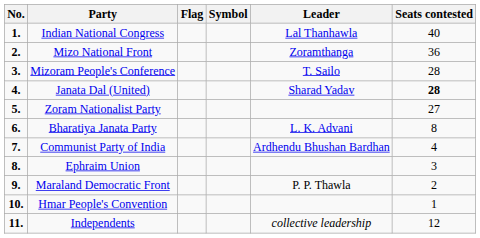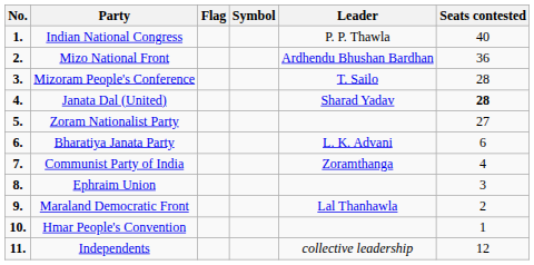 <table class="wikitable">
 <tr>
 <th>No.</th>
 <th>Party</th>
 <th>Flag</th>
 <th>Symbol</th>
 <th>Leader</th>
 <th>Seats contested</th>
 </tr>
 <tr>
 <td ! style="text-align:center; background:"><strong>1.</strong></td>
 <td style="text-align:center"><a href='#'>Indian National Congress</a></td>
 <td></td>
 <td></td>
-<td style="text-align:center"><a href='#'>Lal Thanhawla</a></td>
+<td style="text-align:center">P. P. Thawla</td>
 <td style="text-align:center">40</td>
 </tr>
 <tr>
 <td ! style="text-align:center; background:"><strong>2.</strong></td>
 <td style="text-align:center"><a href='#'>Mizo National Front</a></td>
 <td></td>
 <td></td>
-<td style="text-align:center"><a href='#'>Zoramthanga</a></td>
+<td style="text-align:center"><a href='#'>Ardhendu Bhushan Bardhan</a></td>
 <td style="text-align:center">36</td>
 </tr>
 <tr>
 <td ! style="text-align:center; background:"><strong>3.</strong></td>
 <td style="text-align:center"><a href='#'>Mizoram People's Conference</a></td>
 <td></td>
 <td></td>
 <td style="text-align:center"><a href='#'>T. Sailo</a></td>
 <td style="text-align:center">28</td>
 </tr>
 <tr>
 <td ! style="text-align:center; background:"><strong>4.</strong></td>
 <td style="text-align:center"><a href='#'>Janata Dal (United)</a></td>
 <td></td>
 <td></td>
 <td style="text-align:center"><a href='#'>Sharad Yadav</a></td>
 <td style="text-align:center"><strong>28</strong></td>
 </tr>
 <tr>
 <td ! style="text-align:center; background:"><strong>5.</strong></td>
 <td style="text-align:center"><a href='#'>Zoram Nationalist Party</a></td>
 <td></td>
 <td></td>
 <td style="text-align:center"></td>
 <td style="text-align:center">27</td>
 </tr>
 <tr>
 <td ! style="text-align:center; background:"><strong>6.</strong></td>
 <td style="text-align:center"><a href='#'>Bharatiya Janata Party</a></td>
 <td></td>
 <td></td>
 <td style="text-align:center"><a href='#'>L. K. Advani</a></td>
-<td style="text-align:center">8</td>
+<td style="text-align:center">6</td>
 </tr>
 <tr>
 <td ! style="text-align:center; background:"><strong>7.</strong></td>
 <td style="text-align:center"><a href='#'>Communist Party of India</a></td>
 <td></td>
 <td></td>
-<td style="text-align:center"><a href='#'>Ardhendu Bhushan Bardhan</a></td>
+<td style="text-align:center"><a href='#'>Zoramthanga</a></td>
 <td style="text-align:center">4</td>
 </tr>
 <tr>
 <td ! style="text-align:center; background:"><strong>8.</strong></td>
 <td style="text-align:center"><a href='#'>Ephraim Union</a></td>
 <td></td>
 <td></td>
 <td style="text-align:center"></td>
 <td style="text-align:center">3</td>
 </tr>
 <tr>
 <td ! style="text-align:center; background:"><strong>9.</strong></td>
 <td style="text-align:center"><a href='#'>Maraland Democratic Front</a></td>
 <td></td>
 <td></td>
-<td style="text-align:center">P. P. Thawla</td>
+<td style="text-align:center"><a href='#'>Lal Thanhawla</a></td>
 <td style="text-align:center">2</td>
 </tr>
 <tr>
 <td ! style="text-align:center; background:"><strong>10.</strong></td>
 <td style="text-align:center"><a href='#'>Hmar People's Convention</a></td>
 <td></td>
 <td></td>
 <td style="text-align:center"></td>
 <td style="text-align:center">1</td>
 </tr>
 <tr>
 <td ! style="text-align:center; background:"><strong>11.</strong></td>
 <td style="text-align:center"><a href='#'>Independents</a></td>
 <td></td>
 <td></td>
 <td style="text-align:center"><em>collective leadership</em></td>
 <td style="text-align:center">12</td>
 </tr>
 </table>
